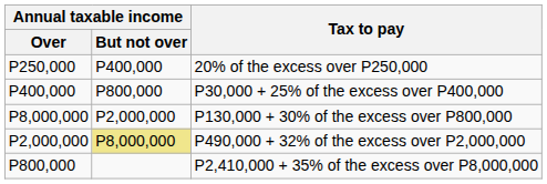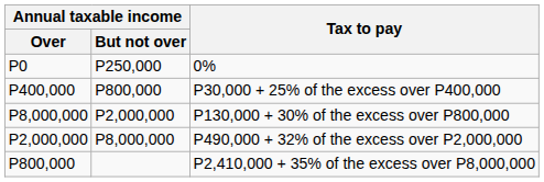 <table class="wikitable">
 <tr>
 <th colspan="2">Annual taxable income</th>
 <th rowspan="2;" style="width: 320px”">Tax to pay</th>
 </tr>
 <tr>
 <th style="width: 90px”">Over</th>
 <th style="width: 90px”">But not over</th>
 </tr>
 <tr>
+<td>P0</td>
 <td>P250,000</td>
-<td>P400,000</td>
-<td>20% of the excess over P250,000</td>
+<td>0%</td>
 </tr>
 <tr>
 <td>P400,000</td>
 <td>P800,000</td>
 <td>P30,000 + 25% of the excess over P400,000</td>
 </tr>
 <tr>
 <td>P8,000,000</td>
 <td>P2,000,000</td>
 <td>P130,000 + 30% of the excess over P800,000</td>
 </tr>
 <tr>
 <td>P2,000,000</td>
-<td style="background: khaki;">P8,000,000</td>
+<td>P8,000,000</td>
 <td>P490,000 + 32% of the excess over P2,000,000</td>
 </tr>
 <tr>
 <td>P800,000</td>
 <td></td>
 <td>P2,410,000 + 35% of the excess over P8,000,000</td>
 </tr>
 </table>
